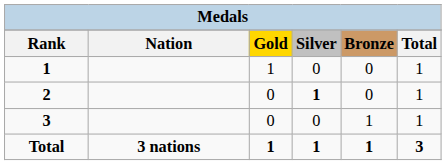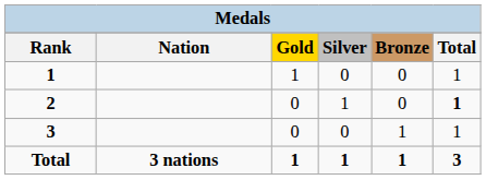 <table class=wikitable style=text-align:center>
 <tr>
 <td colspan=6 style="background:#BCD4E6"><strong>Medals</strong></td>
 </tr>
 <tr>
 </tr>
 <tr style="background-color:#EDEDED;">
 <th width=75px class="hintergrundfarbe5">Rank</th>
 <th width=150px class="hintergrundfarbe6">Nation</th>
 <th width=35px style="background:gold">Gold</th>
 <th width=35px style="background:silver">Silver</th>
 <th width=35px style="background:#CC9966">Bronze</th>
 <th width=35px>Total</th>
 </tr>
 <tr>
 <td><strong>1</strong></td>
 <td align=left></td>
 <td>1</td>
 <td>0</td>
 <td>0</td>
 <td>1</td>
 </tr>
 <tr>
 <td><strong>2</strong></td>
 <td align=left> </td>
 <td>0</td>
+<td>1</td>
+<td>0</td>
 <td><strong>1</strong></td>
-<td>0</td>
-<td>1</td>
 </tr>
 <tr>
 <td><strong>3</strong></td>
 <td align=left></td>
 <td>0</td>
 <td>0</td>
 <td>1</td>
 <td>1</td>
 </tr>
 <tr>
 <td><strong>Total</strong></td>
 <td><strong>3 nations</strong></td>
 <td><strong>1</strong></td>
 <td><strong>1</strong></td>
 <td><strong>1</strong></td>
 <td><strong>3</strong></td>
 </tr>
 </table>
